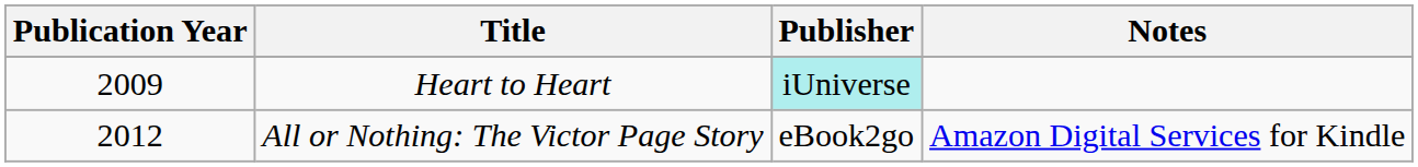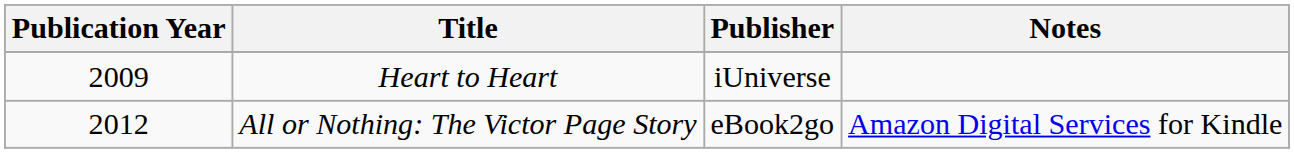 <table class="wikitable">
 <tr>
 <th>Publication Year</th>
 <th>Title</th>
 <th>Publisher</th>
 <th>Notes</th>
 </tr>
 <tr>
 </tr>
 <tr style="text-align:center;">
 <td>2009</td>
 <td style="text-align:center;"><em>Heart to Heart</em></td>
-<td style="background: paleturquoise;">iUniverse</td>
+<td>iUniverse</td>
 <td></td>
 </tr>
 <tr style="text-align:center;">
 <td>2012</td>
 <td style="text-align:left;"><em>All or Nothing: The Victor Page Story</em></td>
 <td>eBook2go</td>
 <td><a href='#'>Amazon Digital Services</a> for Kindle</td>
 </tr>
 </table>
